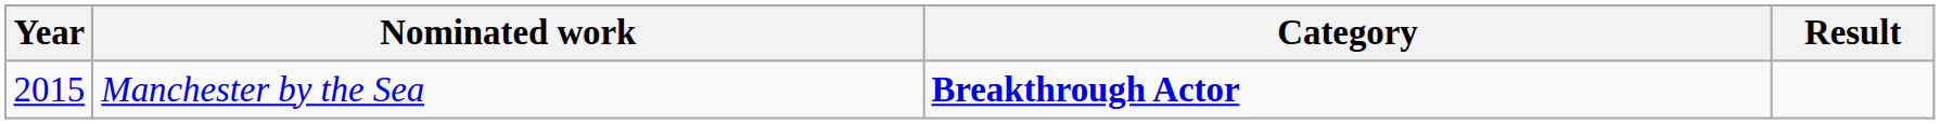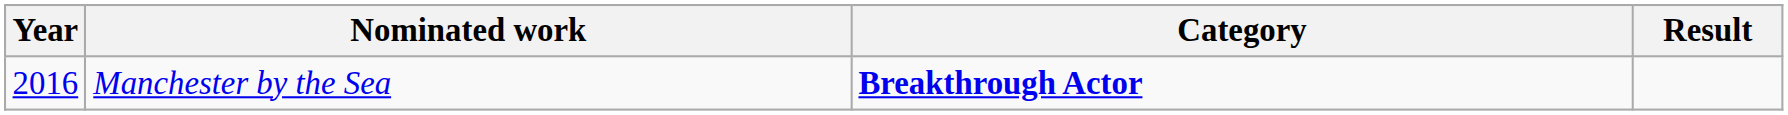 <table class="wikitable">
 <tr>
 <th scope="col" style="width:1em;">Year</th>
 <th scope="col" style="width:35em;">Nominated work</th>
 <th scope="col" style="width:35em;">Category</th>
 <th scope="col" style="width:5em;">Result</th>
 </tr>
 <tr>
-<td><a href='#'>2015</a></td>
+<td><a href='#'>2016</a></td>
 <td><em><a href='#'>Manchester by the Sea</a></em></td>
 <td><strong><a href='#'>Breakthrough Actor</a></strong></td>
 <td></td>
 </tr>
 </table>
